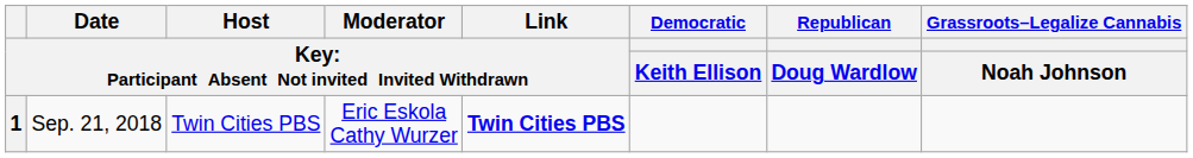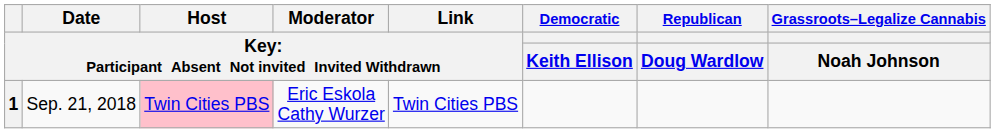 <table class="wikitable" style="text-align:center;">
 <tr>
 <th scope="col"></th>
 <th scope="col">Date</th>
 <th scope="col">Host</th>
 <th scope="col">Moderator</th>
 <th scope="col">Link</th>
 <th scope="col"><small><a href='#'>Democratic</a></small></th>
 <th scope="col"><small><a href='#'>Republican</a></small></th>
 <th scope="col"><small><a href='#'>Grassroots–Legalize Cannabis</a></small></th>
 </tr>
 <tr>
 <th colspan="5" rowspan="2">Key:<br> <small>Participant </small>  <small>Absent </small>  <small>Not invited </small>  <small>Invited  Withdrawn</small></th>
 <th scope="col" style="background:"></th>
 <th scope="col" style="background:"></th>
 <th scope="col" style="background:"></th>
 </tr>
 <tr>
 <th scope="col"><a href='#'>Keith Ellison</a></th>
 <th scope="col"><a href='#'>Doug Wardlow</a></th>
 <th scope="col">Noah Johnson</th>
 </tr>
 <tr>
 <th>1</th>
 <td style="white-space:nowrap;">Sep. 21, 2018</td>
+<td style="background: pink; white-space:nowrap;"><a href='#'>Twin Cities PBS</a></td>
+<td style="white-space:nowrap;"><a href='#'>Eric Eskola</a><br><a href='#'>Cathy Wurzer</a></td>
 <td style="white-space:nowrap;"><a href='#'>Twin Cities PBS</a></td>
-<td style="white-space:nowrap;"><a href='#'>Eric Eskola</a><br><a href='#'>Cathy Wurzer</a></td>
-<td style="white-space:nowrap;"><strong><a href='#'>Twin Cities PBS</a></strong></td>
 <td></td>
 <td></td>
 <td></td>
 </tr>
 </table>
